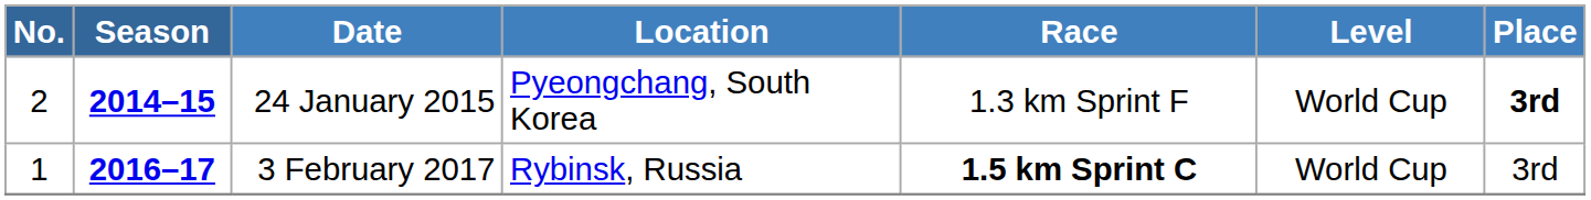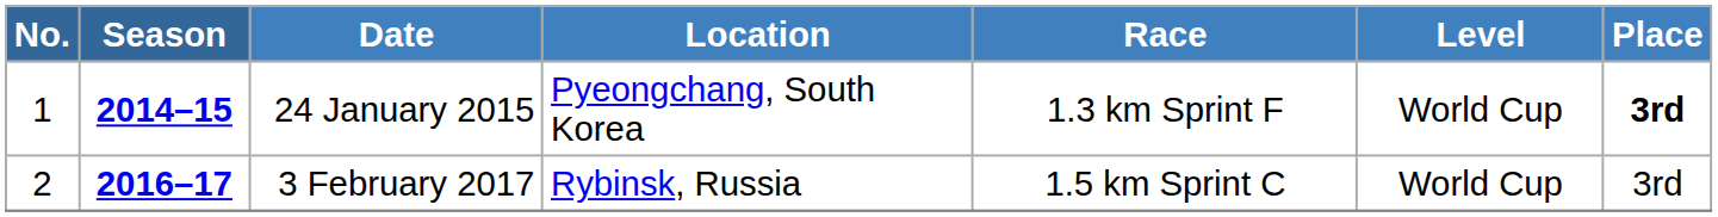 <table class="wikitable sortable" style="font-size:95%; text-align:center; border:grey solid 1px; border-collapse:collapse; background:#ffffff;">
 <tr style="background:#efefef;">
 <th style="background-color:#369; color:white;">No.</th>
 <th style="background-color:#369; color:white;">Season</th>
 <th style="background-color:#4180be; color:white; width:120px;">Date</th>
 <th style="background-color:#4180be; color:white; width:180px;">Location</th>
 <th style="background-color:#4180be; color:white; width:160px;">Race</th>
 <th style="background-color:#4180be; color:white; width:100px;">Level</th>
 <th style="background-color:#4180be; color:white;">Place</th>
 </tr>
 <tr>
-<td align=center>2</td>
+<td align=center>1</td>
 <td rowspan=1 align=center><strong> <a href='#'>2014–15</a> </strong></td>
 <td align=right>24 January 2015</td>
 <td align=left> <a href='#'>Pyeongchang</a>, South Korea</td>
 <td>1.3 km Sprint F</td>
 <td>World Cup</td>
 <td><strong>3rd</strong></td>
 </tr>
 <tr>
-<td align=center>1</td>
+<td align=center>2</td>
 <td rowspan=1 align=center><strong> <a href='#'>2016–17</a> </strong></td>
 <td align=right>3 February 2017</td>
 <td align=left> <a href='#'>Rybinsk</a>, Russia</td>
-<td><strong>1.5 km Sprint C</strong></td>
+<td>1.5 km Sprint C</td>
 <td>World Cup</td>
 <td>3rd</td>
 </tr>
 <tr>
 </tr>
 </table>
